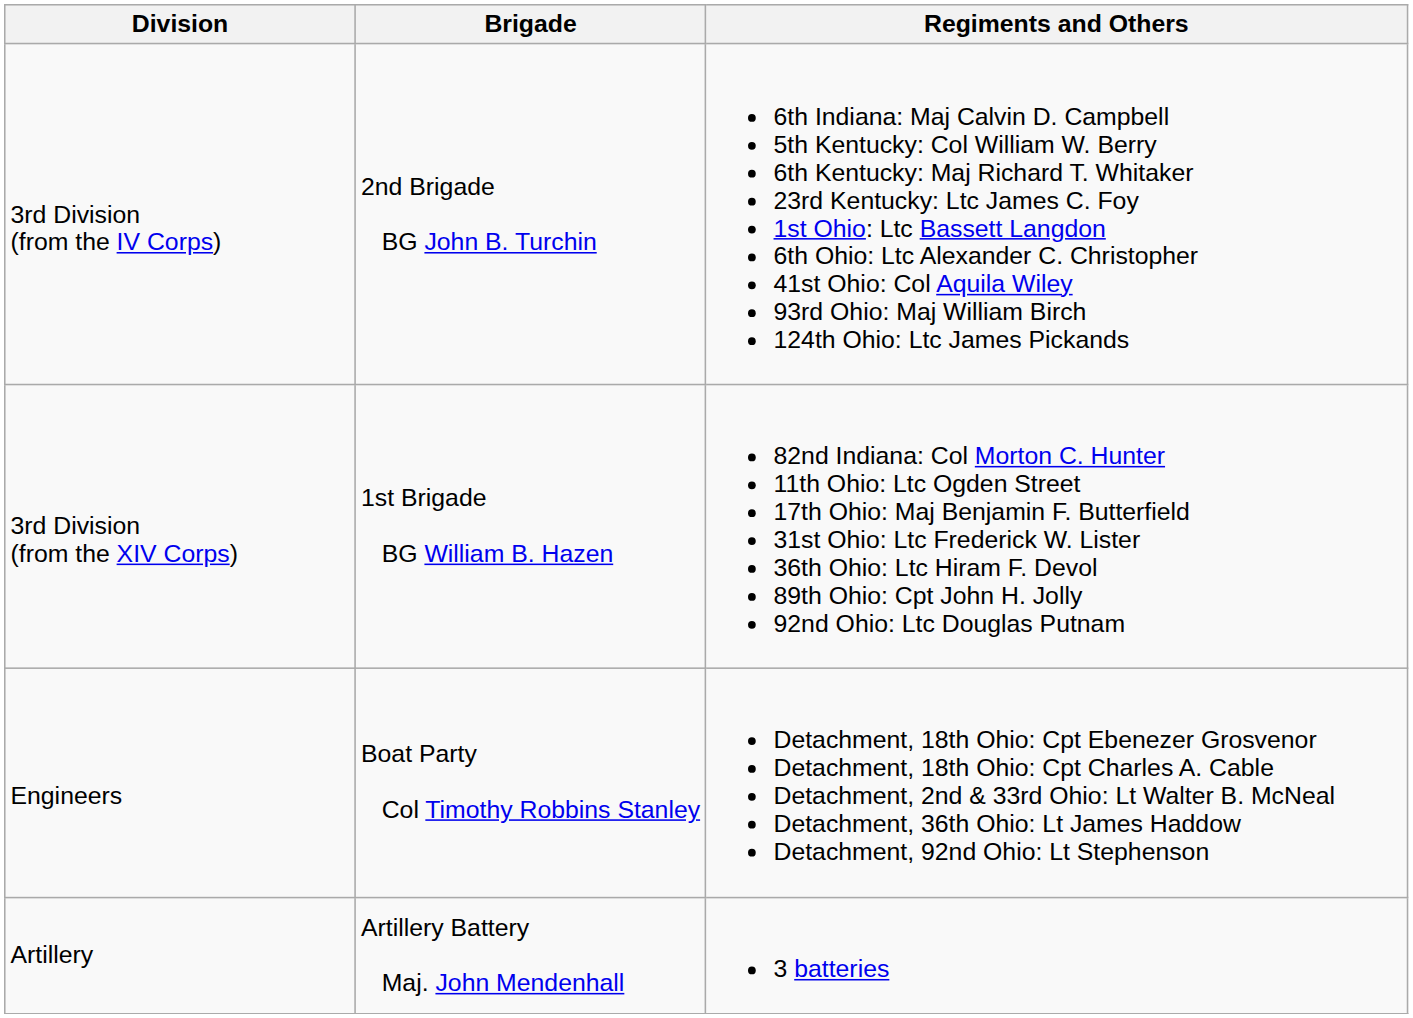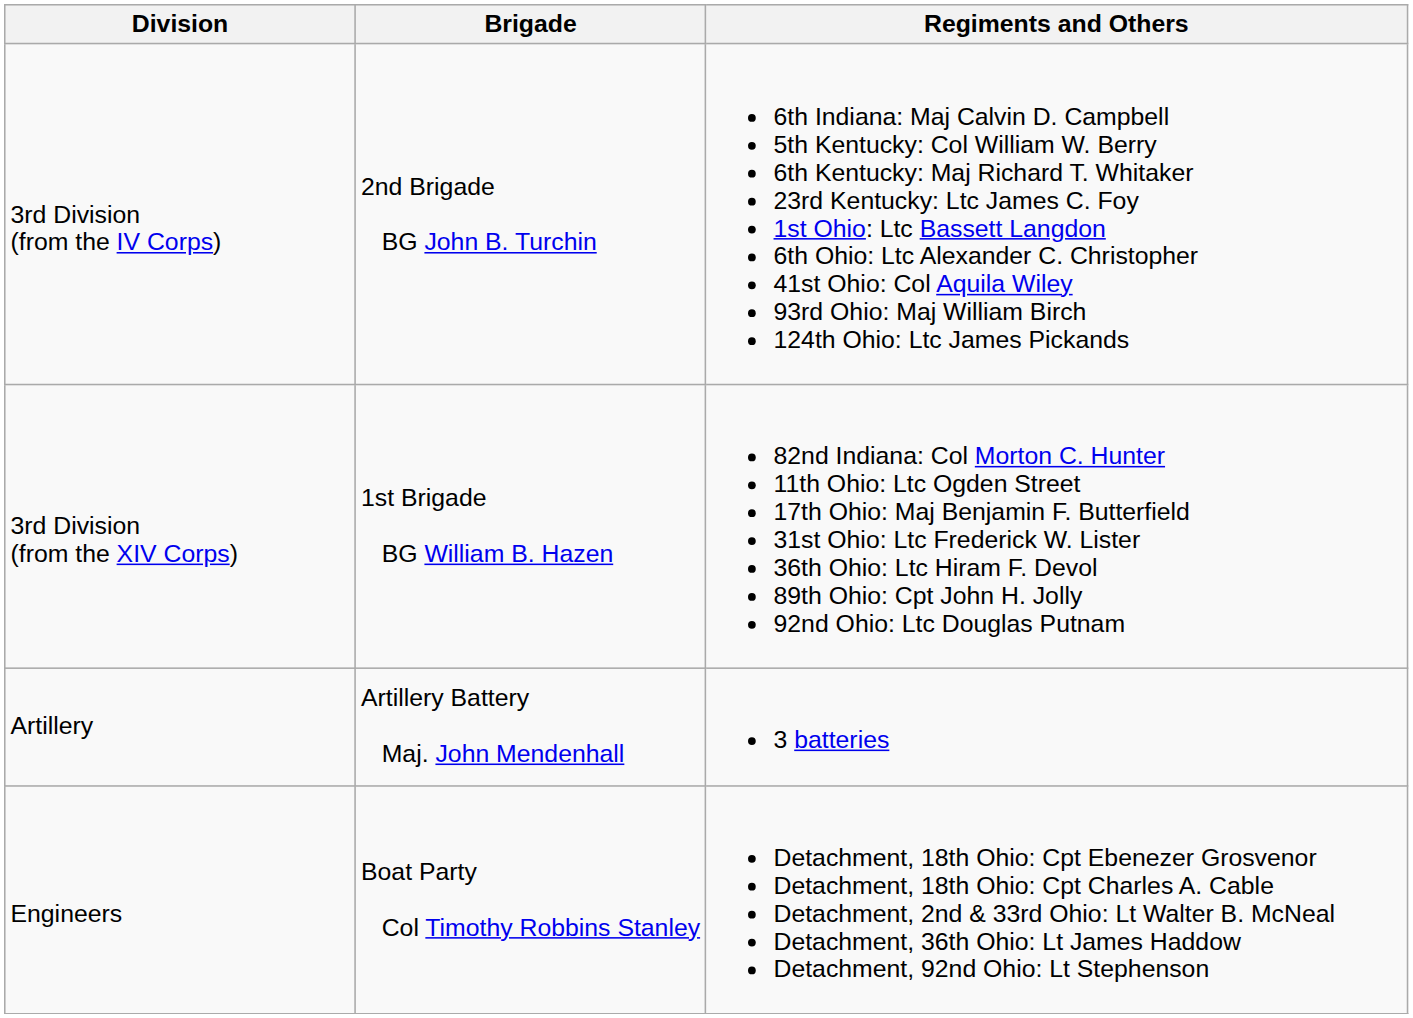 <table class="wikitable">
 <tr>
 <th width=25%>Division</th>
 <th width=25%>Brigade</th>
 <th>Regiments and Others</th>
 </tr>
 <tr>
 <td rowspan=1><br>3rd Division<br>(from the <a href='#'>IV Corps</a>)</td>
 <td>2nd Brigade<br><br>   BG <a href='#'>John B. Turchin</a></td>
 <td><br><ul><li>6th Indiana: Maj Calvin D. Campbell</li><li>5th Kentucky: Col William W. Berry</li><li>6th Kentucky: Maj Richard T. Whitaker</li><li>23rd Kentucky: Ltc James C. Foy</li><li><a href='#'>1st Ohio</a>: Ltc <a href='#'>Bassett Langdon</a></li><li>6th Ohio: Ltc Alexander C. Christopher</li><li>41st Ohio: Col <a href='#'>Aquila Wiley</a></li><li>93rd Ohio: Maj William Birch</li><li>124th Ohio: Ltc James Pickands</li></ul></td>
 </tr>
 <tr>
 <td rowspan=1><br>3rd Division<br>(from the <a href='#'>XIV Corps</a>)</td>
 <td>1st Brigade<br><br>   BG <a href='#'>William B. Hazen</a></td>
 <td><br><ul><li>82nd Indiana: Col <a href='#'>Morton C. Hunter</a></li><li>11th Ohio: Ltc Ogden Street</li><li>17th Ohio: Maj Benjamin F. Butterfield</li><li>31st Ohio: Ltc Frederick W. Lister</li><li>36th Ohio: Ltc Hiram F. Devol</li><li>89th Ohio: Cpt John H. Jolly</li><li>92nd Ohio: Ltc Douglas Putnam</li></ul></td>
 </tr>
 <tr>
+<td>Artillery</td>
+<td>Artillery Battery<br><br>   Maj. <a href='#'>John Mendenhall</a></td>
+<td><br><ul><li>3 <a href='#'>batteries</a></li></ul></td>
+</tr>
+<tr>
 <td rowspan=1><br>Engineers</td>
 <td>Boat Party<br><br>   Col <a href='#'>Timothy Robbins Stanley</a></td>
 <td><br><ul><li>Detachment, 18th Ohio: Cpt Ebenezer Grosvenor</li><li>Detachment, 18th Ohio: Cpt Charles A. Cable</li><li>Detachment, 2nd & 33rd Ohio: Lt Walter B. McNeal</li><li>Detachment, 36th Ohio: Lt James Haddow</li><li>Detachment, 92nd Ohio: Lt Stephenson</li></ul></td>
 </tr>
 <tr>
-<td>Artillery</td>
-<td>Artillery Battery<br><br>   Maj. <a href='#'>John Mendenhall</a></td>
-<td><br><ul><li>3 <a href='#'>batteries</a></li></ul></td>
-</tr>
-<tr>
 </tr>
 </table>
